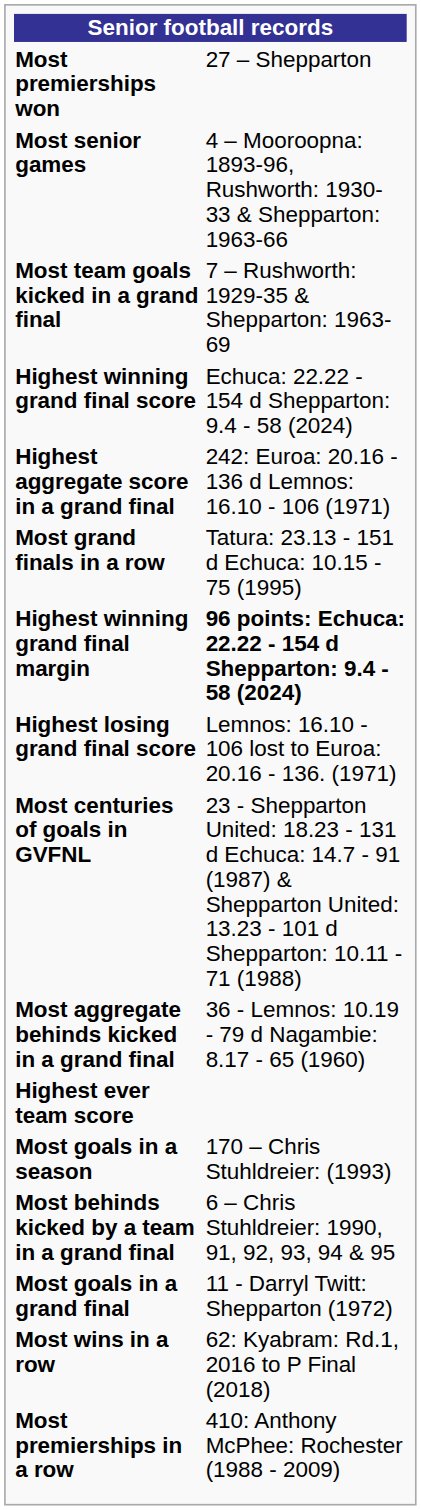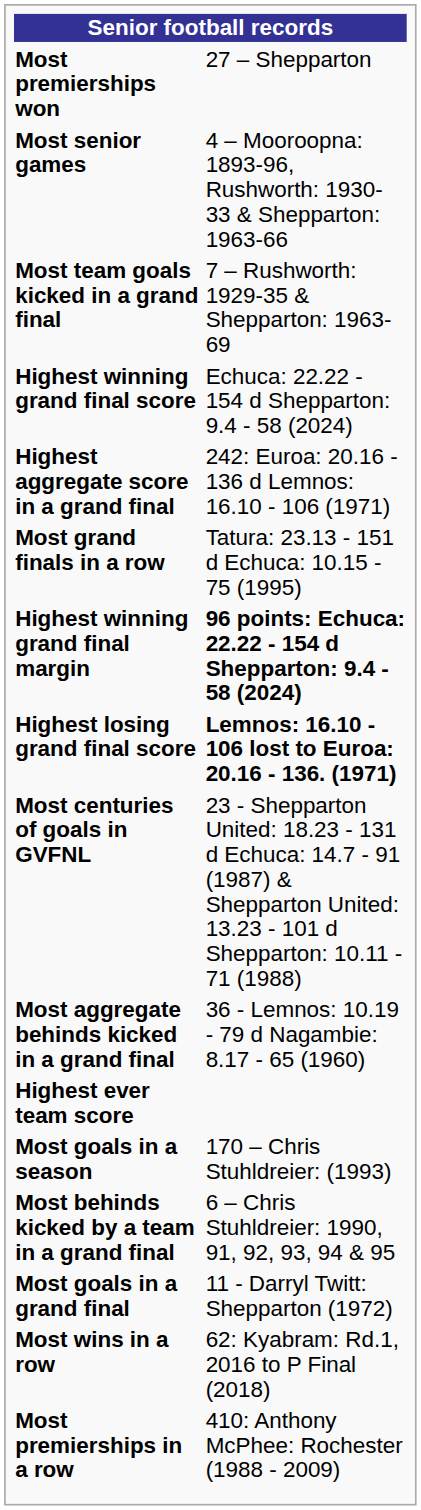 <table class="infobox" style="width:250px; font-size: 85%;">
 <tr>
 <th colspan="2" style="background:#333194; color:white; text-align:center;"><strong>Senior football records</strong></th>
 </tr>
 <tr style="vertical-align: top;">
 <td><strong>Most premierships won</strong></td>
 <td>27 – Shepparton</td>
 </tr>
 <tr>
 <td><strong>Most senior games</strong></td>
 <td>4 – Mooroopna: 1893-96, Rushworth: 1930-33 & Shepparton: 1963-66</td>
 </tr>
 <tr>
 <td><strong>Most team goals kicked in a grand final </strong></td>
 <td>7 – Rushworth: 1929-35 & Shepparton: 1963-69</td>
 </tr>
 <tr>
 <td><strong>Highest winning grand final score</strong></td>
 <td>Echuca: 22.22 - 154 d Shepparton: 9.4 - 58 (2024)</td>
 </tr>
 <tr>
 <td><strong>Highest aggregate score in a grand final </strong></td>
 <td>242: Euroa: 20.16 - 136 d Lemnos: 16.10 - 106 (1971)</td>
 </tr>
 <tr>
 <td><strong>Most grand finals in a row</strong></td>
 <td>Tatura: 23.13 - 151 d Echuca: 10.15 - 75 (1995)</td>
 </tr>
 <tr>
 <td><strong>Highest winning grand final margin</strong></td>
 <td><strong>96 points: Echuca: 22.22 - 154 d Shepparton: 9.4 - 58 (2024)</strong></td>
 </tr>
 <tr>
 <td><strong>Highest losing grand final score</strong></td>
-<td>Lemnos: 16.10 - 106 lost to Euroa: 20.16 - 136. (1971)</td>
+<td><strong>Lemnos: 16.10 - 106 lost to Euroa: 20.16 - 136. (1971)</strong></td>
 </tr>
 <tr>
 <td><strong>Most centuries of goals in GVFNL</strong></td>
 <td>23 - Shepparton United: 18.23 - 131 d Echuca: 14.7 - 91 (1987) &<br>Shepparton United: 13.23 - 101 d Shepparton: 10.11 - 71 (1988)</td>
 </tr>
 <tr>
 <td><strong>Most aggregate behinds kicked in a grand final </strong></td>
 <td>36 - Lemnos: 10.19 - 79 d Nagambie: 8.17 - 65 (1960)</td>
 </tr>
 <tr>
 <td><strong>Highest ever team score</strong></td>
 <td></td>
 </tr>
 <tr>
 <td><strong>Most goals in a season</strong></td>
 <td>170 – Chris Stuhldreier: (1993)</td>
 </tr>
 <tr>
 <td><strong>Most behinds kicked by a team in a grand final </strong></td>
 <td>6 – Chris Stuhldreier: 1990, 91, 92, 93, 94 & 95</td>
 </tr>
 <tr>
 <td><strong>Most goals in a grand final</strong></td>
 <td>11 - Darryl Twitt: Shepparton (1972)</td>
 </tr>
 <tr>
 <td><strong>Most wins in a row</strong></td>
 <td>62: Kyabram: Rd.1, 2016 to P Final (2018)</td>
 </tr>
 <tr>
 <td><strong>Most premierships in a row</strong></td>
 <td>410: Anthony McPhee: Rochester (1988 - 2009)</td>
 </tr>
 <tr>
 </tr>
 <tr style="vertical-align: top;">
 <td></td>
 </tr>
 <tr>
 </tr>
 </table>
